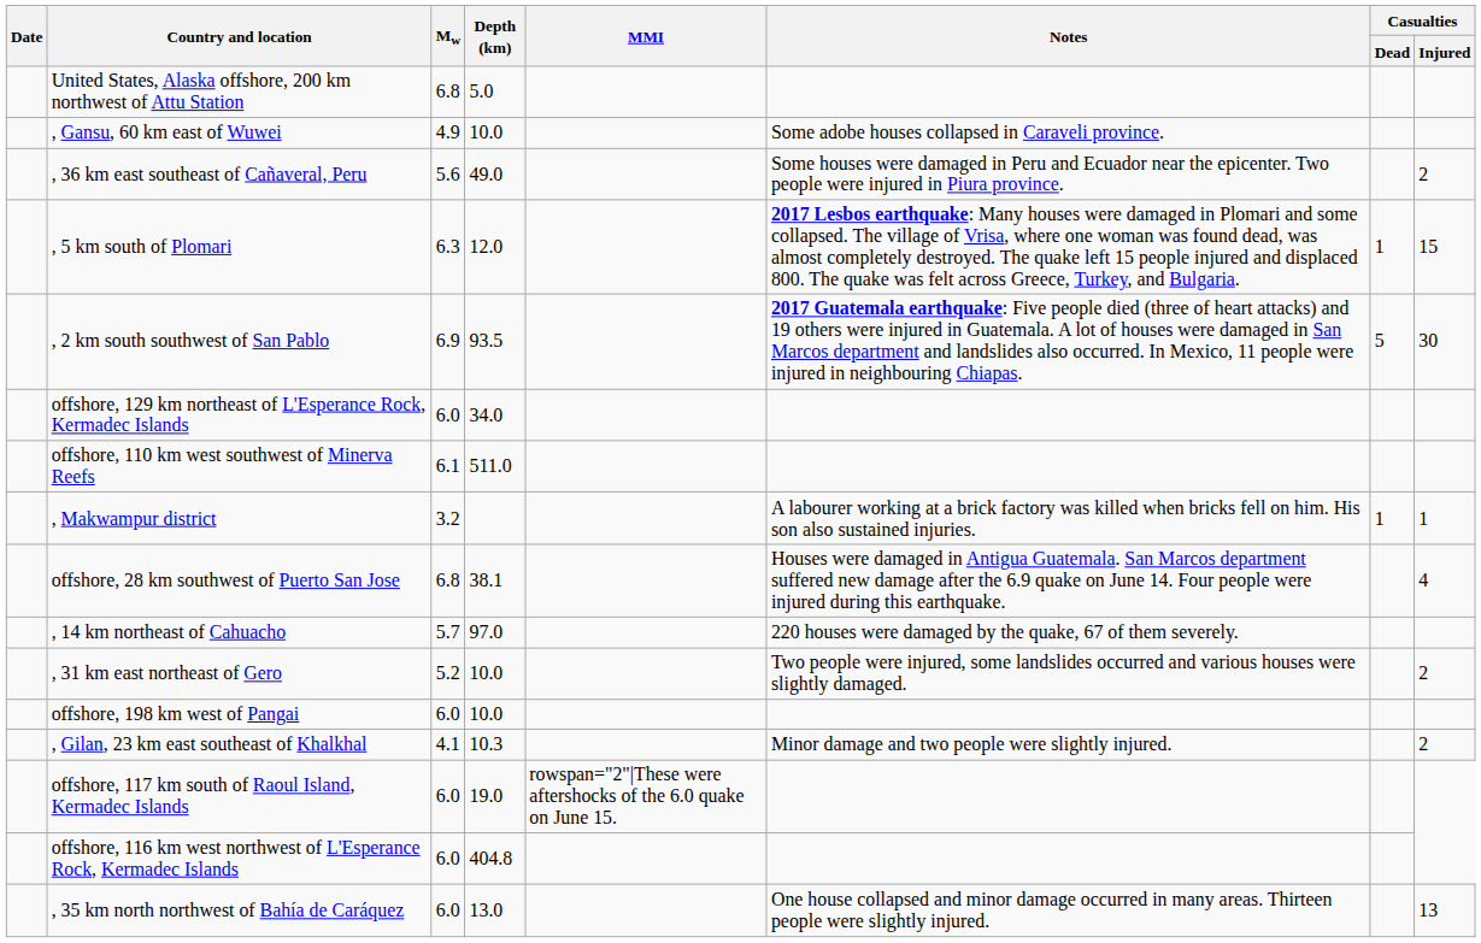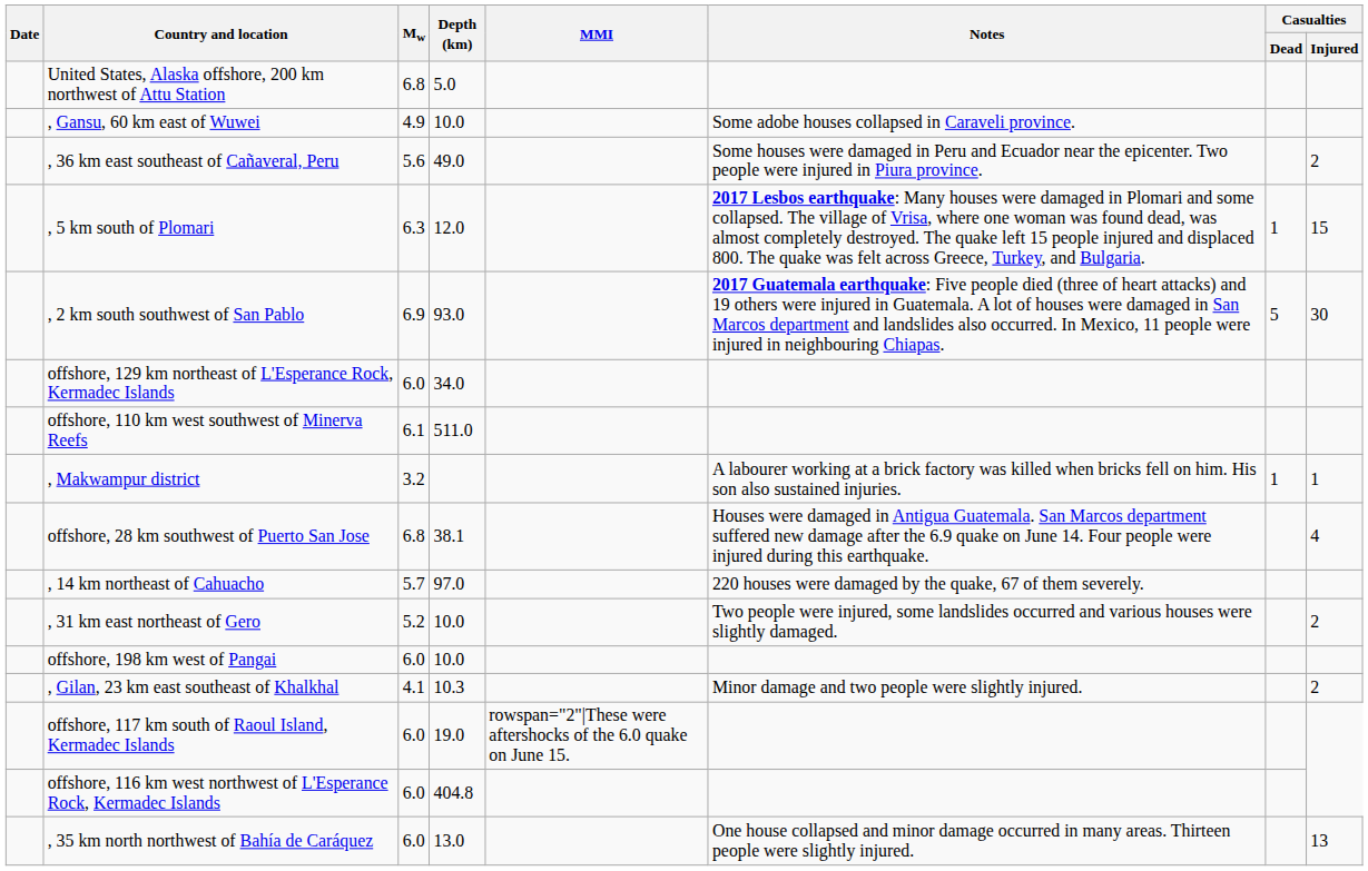 <table class="wikitable sortable sort-under" style="border:1px black; margin-left:1em;">
 <tr>
 <th rowspan="2"><small>Date</small></th>
 <th rowspan="2" style="width: 315px"><small>Country and location</small></th>
 <th rowspan="2"><small>M<sub>w</sub></small></th>
 <th rowspan="2"><small>Depth (km)</small></th>
 <th rowspan="2"><small><a href='#'>MMI</a></small></th>
 <th rowspan="2" class="unsortable"><small>Notes</small></th>
 <th colspan="2"><small>Casualties</small></th>
 </tr>
 <tr>
 <th><small>Dead</small></th>
 <th><small>Injured</small></th>
 </tr>
 <tr>
 <td></td>
 <td> United States, <a href='#'>Alaska</a> offshore, 200 km northwest of <a href='#'>Attu Station</a></td>
 <td>6.8</td>
 <td>5.0</td>
 <td></td>
 <td></td>
 <td></td>
 <td></td>
 </tr>
 <tr>
 <td></td>
 <td>, <a href='#'>Gansu</a>, 60 km east of <a href='#'>Wuwei</a></td>
 <td>4.9</td>
 <td>10.0</td>
 <td></td>
 <td>Some adobe houses collapsed in <a href='#'>Caraveli province</a>.</td>
 <td></td>
 <td></td>
 </tr>
 <tr>
 <td></td>
 <td>, 36 km east southeast of <a href='#'>Cañaveral, Peru</a></td>
 <td>5.6</td>
 <td>49.0</td>
 <td></td>
 <td>Some houses were damaged in Peru and Ecuador near the epicenter. Two people were injured in <a href='#'>Piura province</a>.</td>
 <td></td>
 <td>2</td>
 </tr>
 <tr>
 <td></td>
 <td>, 5 km south of <a href='#'>Plomari</a></td>
 <td>6.3</td>
 <td>12.0</td>
 <td></td>
 <td><strong><a href='#'>2017 Lesbos earthquake</a></strong>: Many houses were damaged in Plomari and some collapsed. The village of <a href='#'>Vrisa</a>, where one woman was found dead, was almost completely destroyed. The quake left 15 people injured and displaced 800. The quake was felt across Greece, <a href='#'>Turkey</a>, and <a href='#'>Bulgaria</a>.</td>
 <td>1</td>
 <td>15</td>
 </tr>
 <tr>
 <td></td>
 <td>, 2 km south southwest of <a href='#'>San Pablo</a></td>
 <td>6.9</td>
-<td>93.5</td>
+<td>93.0</td>
 <td></td>
 <td><strong><a href='#'>2017 Guatemala earthquake</a></strong>: Five people died (three of heart attacks) and 19 others were injured in Guatemala. A lot of houses were damaged in <a href='#'>San Marcos department</a> and landslides also occurred. In Mexico, 11 people were injured in neighbouring <a href='#'>Chiapas</a>.</td>
 <td>5</td>
 <td>30</td>
 </tr>
 <tr>
 <td></td>
 <td> offshore, 129 km northeast of <a href='#'>L'Esperance Rock</a>, <a href='#'>Kermadec Islands</a></td>
 <td>6.0</td>
 <td>34.0</td>
 <td></td>
 <td></td>
 <td></td>
 <td></td>
 </tr>
 <tr>
 <td></td>
 <td> offshore, 110 km west southwest of <a href='#'>Minerva Reefs</a></td>
 <td>6.1</td>
 <td>511.0</td>
 <td></td>
 <td></td>
 <td></td>
 <td></td>
 </tr>
 <tr>
 <td></td>
 <td>, <a href='#'>Makwampur district</a></td>
 <td>3.2</td>
 <td></td>
 <td></td>
 <td>A labourer working at a brick factory was killed when bricks fell on him. His son also sustained injuries.</td>
 <td>1</td>
 <td>1</td>
 </tr>
 <tr>
 <td></td>
 <td> offshore, 28 km southwest of <a href='#'>Puerto San Jose</a></td>
 <td>6.8</td>
 <td>38.1</td>
 <td></td>
 <td>Houses were damaged in <a href='#'>Antigua Guatemala</a>. <a href='#'>San Marcos department</a> suffered new damage after the 6.9 quake on June 14. Four people were injured during this earthquake.</td>
 <td></td>
 <td>4</td>
 </tr>
 <tr>
 <td></td>
 <td>, 14 km northeast of <a href='#'>Cahuacho</a></td>
 <td>5.7</td>
 <td>97.0</td>
 <td></td>
 <td>220 houses were damaged by the quake, 67 of them severely.</td>
 <td></td>
 <td></td>
 </tr>
 <tr>
 <td></td>
 <td>, 31 km east northeast of <a href='#'>Gero</a></td>
 <td>5.2</td>
 <td>10.0</td>
 <td></td>
 <td>Two people were injured, some landslides occurred and various houses were slightly damaged.</td>
 <td></td>
 <td>2</td>
 </tr>
 <tr>
 <td></td>
 <td> offshore, 198 km west of <a href='#'>Pangai</a></td>
 <td>6.0</td>
 <td>10.0</td>
 <td></td>
 <td></td>
 <td></td>
 <td></td>
 </tr>
 <tr>
 <td></td>
 <td>, <a href='#'>Gilan</a>, 23 km east southeast of <a href='#'>Khalkhal</a></td>
 <td>4.1</td>
 <td>10.3</td>
 <td></td>
 <td>Minor damage and two people were slightly injured.</td>
 <td></td>
 <td>2</td>
 </tr>
 <tr>
 <td></td>
 <td> offshore, 117 km south of <a href='#'>Raoul Island</a>, <a href='#'>Kermadec Islands</a></td>
 <td>6.0</td>
 <td>19.0</td>
 <td>rowspan="2"|These were aftershocks of the 6.0 quake on June 15.</td>
 <td></td>
 <td></td>
 </tr>
 <tr>
 <td></td>
 <td> offshore, 116 km west northwest of <a href='#'>L'Esperance Rock</a>, <a href='#'>Kermadec Islands</a></td>
 <td>6.0</td>
 <td>404.8</td>
 <td></td>
 <td></td>
 <td></td>
 </tr>
 <tr>
 <td></td>
 <td>, 35 km north northwest of <a href='#'>Bahía de Caráquez</a></td>
 <td>6.0</td>
 <td>13.0</td>
 <td></td>
 <td>One house collapsed and minor damage occurred in many areas. Thirteen people were slightly injured.</td>
 <td></td>
 <td>13</td>
 </tr>
 </table>
